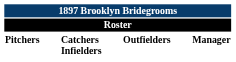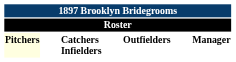 <table class="toccolours" style="font-size: 95%;">
 <tr>
 <th colspan="10" style="background-color: #083c6b; color: white; text-align: center;">1897 Brooklyn Bridegrooms</th>
 </tr>
 <tr>
 <td colspan="10" style="background-color: black; color: white; text-align: center;"><strong>Roster</strong></td>
 </tr>
 <tr>
-<td valign="top"><strong>Pitchers</strong><br>      </td>
+<td valign="top" style="background: lightyellow;"><strong>Pitchers</strong><br>      </td>
 <td width="25px"></td>
 <td valign="top"><strong>Catchers</strong><br>   <strong>Infielders</strong>      </td>
 <td width="25px"></td>
 <td valign="top"><strong>Outfielders</strong><br>   </td>
 <td width="25px"></td>
 <td valign="top"><strong>Manager</strong><br></td>
 </tr>
 </table>
